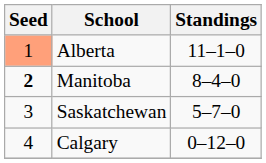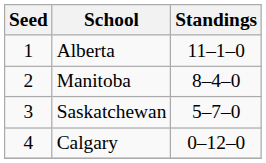 <table class="wikitable">
 <tr>
 <th>Seed</th>
 <th>School</th>
 <th>Standings</th>
 </tr>
 <tr>
-<td style="background: lightsalmon; text-align:center">1</td>
+<td style="text-align:center">1</td>
 <td>Alberta</td>
 <td style="text-align:center">11–1–0</td>
 </tr>
 <tr>
-<td style="text-align:center"><strong>2</strong></td>
+<td style="text-align:center">2</td>
 <td>Manitoba</td>
 <td style="text-align:center">8–4–0</td>
 </tr>
 <tr>
 <td style="text-align:center">3</td>
 <td>Saskatchewan</td>
 <td style="text-align:center">5–7–0</td>
 </tr>
 <tr>
 <td style="text-align:center">4</td>
 <td>Calgary</td>
 <td style="text-align:center">0–12–0</td>
 </tr>
 <tr>
 </tr>
 </table>
